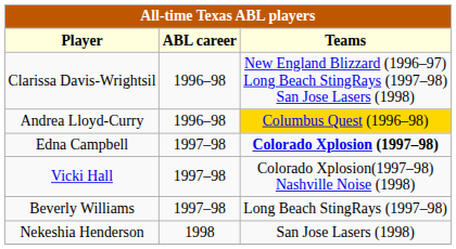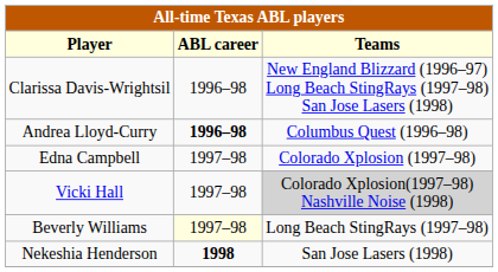 <table class="wikitable" style="text-align: center;">
 <tr>
 <td colspan="6" style= "background: #BF5700; color:white"><strong>All-time Texas ABL players</strong></td>
 </tr>
 <tr>
 <th style="background: #ffffdd;">Player</th>
 <th style="background: #ffffdd;">ABL career</th>
 <th style="background: #ffffdd;">Teams</th>
 </tr>
 <tr>
 <td>Clarissa Davis-Wrightsil</td>
 <td>1996–98</td>
 <td><a href='#'>New England Blizzard</a> (1996–97)<br><a href='#'>Long Beach StingRays</a> (1997–98)<br><a href='#'>San Jose Lasers</a> (1998)</td>
 </tr>
 <tr>
 <td>Andrea Lloyd-Curry</td>
-<td>1996–98</td>
-<td style="background: gold;"><a href='#'>Columbus Quest</a> (1996–98)<br></td>
+<td><strong>1996–98</strong></td>
+<td><a href='#'>Columbus Quest</a> (1996–98)<br></td>
 </tr>
 <tr>
 <td>Edna Campbell</td>
 <td>1997–98</td>
-<td><strong><a href='#'>Colorado Xplosion</a> (1997–98)<br></strong></td>
+<td><a href='#'>Colorado Xplosion</a> (1997–98)<br></td>
 </tr>
 <tr>
 <td><a href='#'>Vicki Hall</a></td>
 <td>1997–98</td>
-<td>Colorado Xplosion(1997–98)<br><a href='#'>Nashville Noise</a> (1998)</td>
+<td style="background: lightgrey;">Colorado Xplosion(1997–98)<br><a href='#'>Nashville Noise</a> (1998)</td>
 </tr>
 <tr>
 <td>Beverly Williams</td>
-<td>1997–98</td>
+<td style="background: lightyellow;">1997–98</td>
 <td>Long Beach StingRays (1997–98)<br></td>
 </tr>
 <tr>
 <td>Nekeshia Henderson</td>
-<td>1998</td>
+<td><strong>1998</strong></td>
 <td>San Jose Lasers (1998)</td>
 </tr>
 <tr>
 </tr>
 </table>
